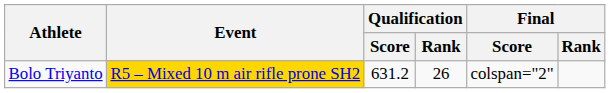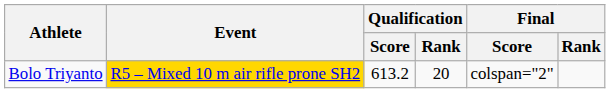 <table class=wikitable style="font-size:90%">
 <tr>
 <th rowspan="2">Athlete</th>
 <th rowspan="2">Event</th>
 <th colspan="2">Qualification</th>
 <th colspan="2">Final</th>
 </tr>
 <tr>
 <th>Score</th>
 <th>Rank</th>
 <th>Score</th>
 <th>Rank</th>
 </tr>
 <tr align=center>
 <td align=left><a href='#'>Bolo Triyanto</a></td>
 <td align=left style="background: gold;"><a href='#'>R5 – Mixed 10 m air rifle prone SH2</a></td>
-<td>631.2</td>
-<td>26</td>
+<td>613.2</td>
+<td>20</td>
 <td>colspan="2" </td>
 </tr>
 </table>
